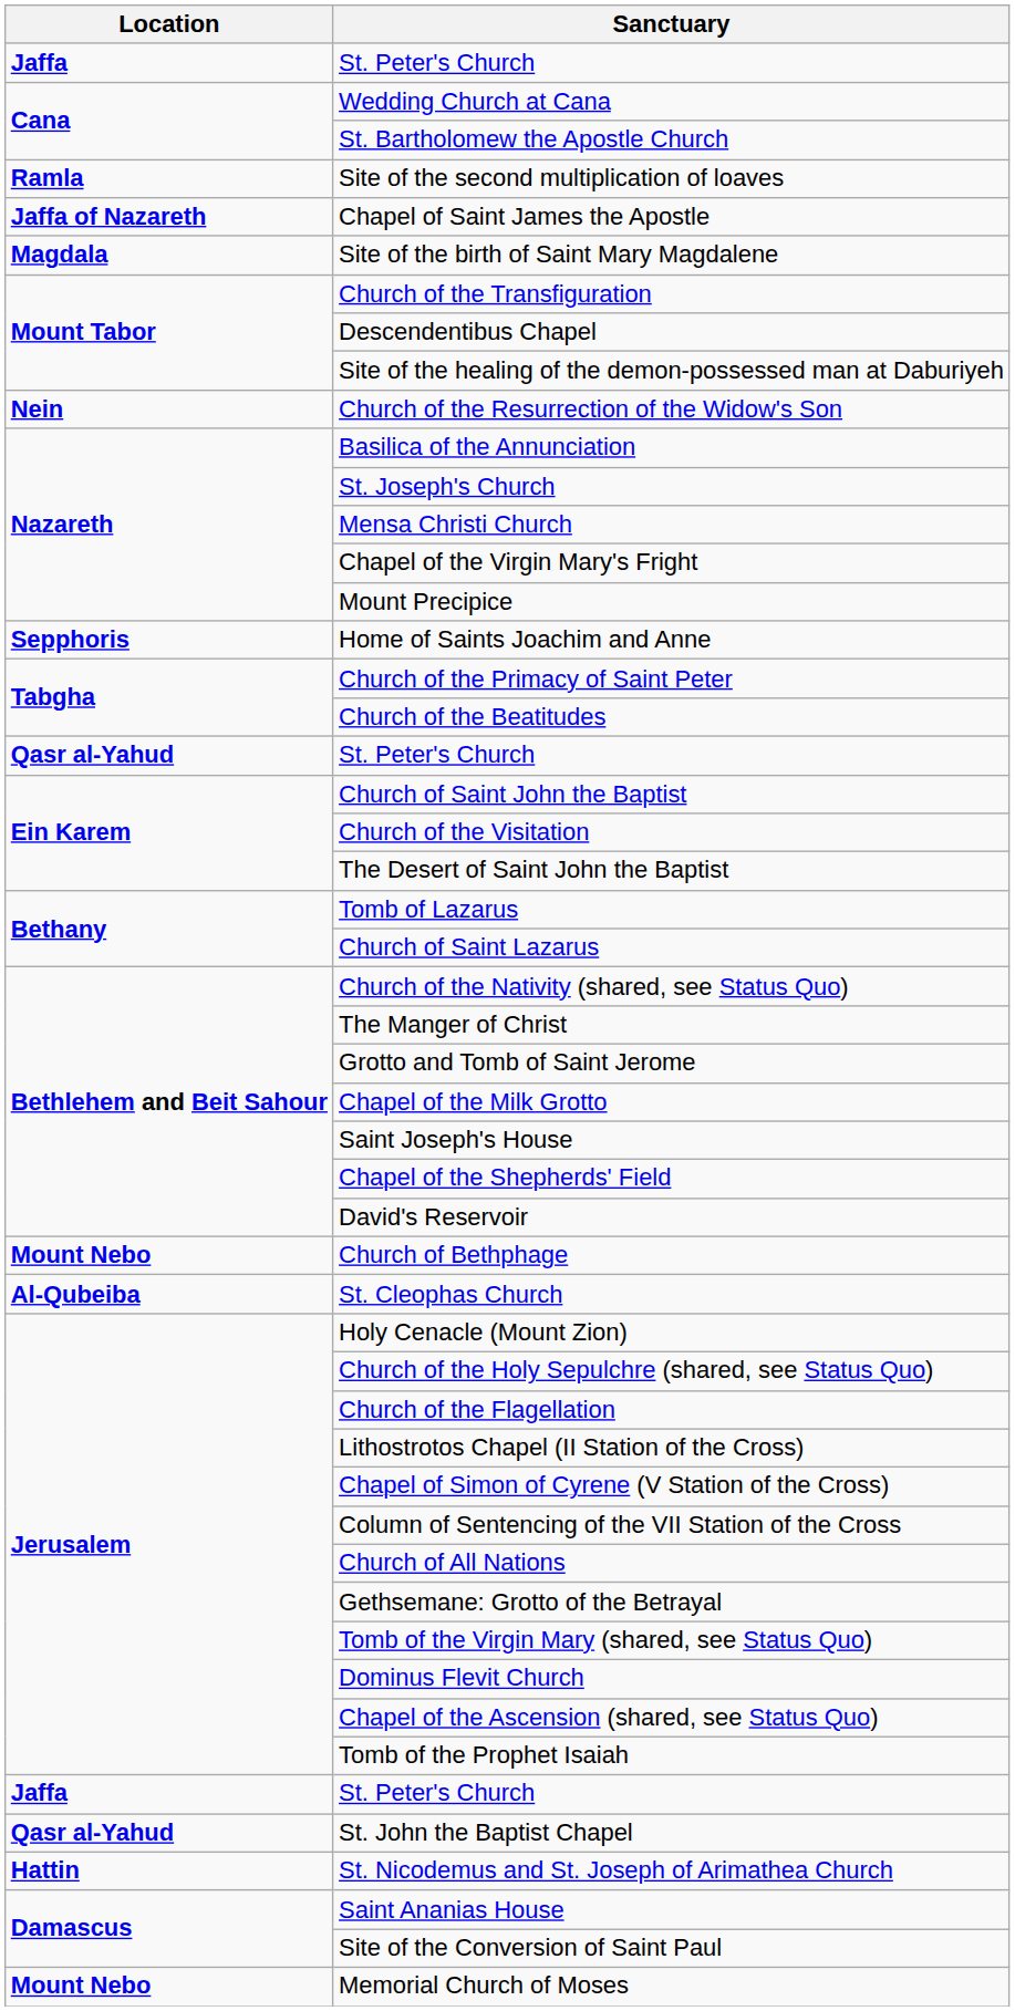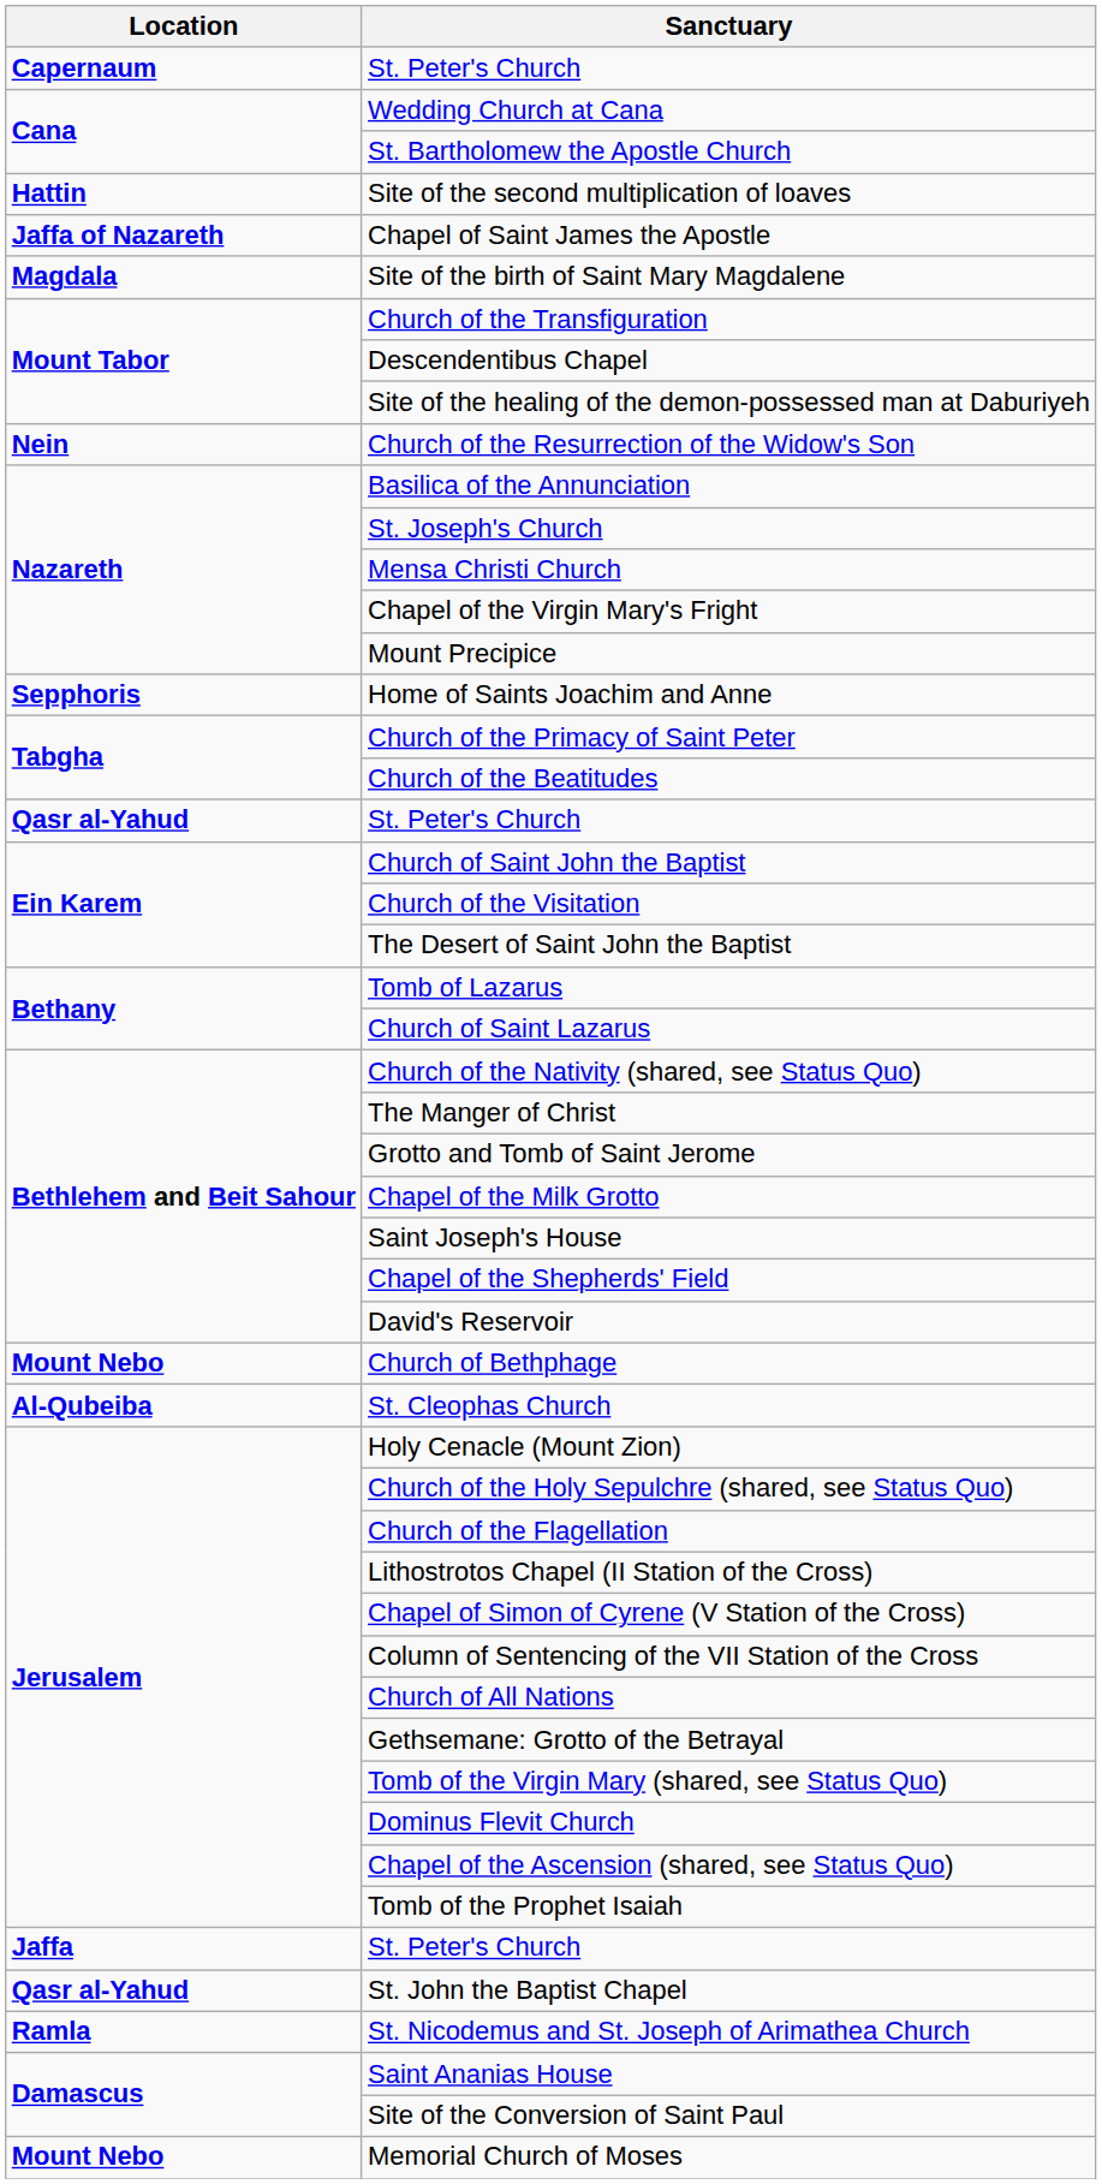 <table class="wikitable">
 <tr>
 <th>Location</th>
 <th>Sanctuary</th>
 </tr>
 <tr>
-<td><strong><a href='#'>Jaffa</a></strong></td>
+<td><strong><a href='#'>Capernaum</a></strong></td>
 <td><a href='#'>St. Peter's Church</a></td>
 </tr>
 <tr>
 <td rowspan="2"><a href='#'><strong>Cana</strong></a></td>
 <td><a href='#'>Wedding Church at Cana</a></td>
 </tr>
 <tr>
 <td><a href='#'>St. Bartholomew the Apostle Church</a></td>
 </tr>
 <tr>
-<td><strong><a href='#'>Ramla</a></strong></td>
+<td><a href='#'><strong>Hattin</strong></a></td>
 <td>Site of the second multiplication of loaves</td>
 </tr>
 <tr>
 <td><a href='#'><strong>Jaffa of Nazareth</strong></a></td>
 <td>Chapel of Saint James the Apostle</td>
 </tr>
 <tr>
 <td><strong><a href='#'>Magdala</a></strong></td>
 <td>Site of the birth of Saint Mary Magdalene</td>
 </tr>
 <tr>
 <td rowspan="3"><strong><a href='#'>Mount Tabor</a></strong></td>
 <td><a href='#'>Church of the Transfiguration</a></td>
 </tr>
 <tr>
 <td>Descendentibus Chapel</td>
 </tr>
 <tr>
 <td>Site of the healing of the demon-possessed man at Daburiyeh</td>
 </tr>
 <tr>
 <td><strong><a href='#'>Nein</a></strong></td>
 <td><a href='#'>Church of the Resurrection of the Widow's Son</a></td>
 </tr>
 <tr>
 <td rowspan="5"><strong><a href='#'>Nazareth</a></strong></td>
 <td><a href='#'>Basilica of the Annunciation</a></td>
 </tr>
 <tr>
 <td><a href='#'>St. Joseph's Church</a></td>
 </tr>
 <tr>
 <td><a href='#'>Mensa Christi Church</a></td>
 </tr>
 <tr>
 <td>Chapel of the Virgin Mary's Fright</td>
 </tr>
 <tr>
 <td>Mount Precipice</td>
 </tr>
 <tr>
 <td><strong><a href='#'>Sepphoris</a></strong></td>
 <td>Home of Saints Joachim and Anne</td>
 </tr>
 <tr>
 <td rowspan="2"><strong><a href='#'>Tabgha</a></strong></td>
 <td><a href='#'>Church of the Primacy of Saint Peter</a></td>
 </tr>
 <tr>
 <td><a href='#'>Church of the Beatitudes</a></td>
 </tr>
 <tr>
 <td><strong><a href='#'>Qasr al-Yahud</a></strong></td>
 <td><a href='#'>St. Peter's Church</a></td>
 </tr>
 <tr>
 <td rowspan="3"><strong><a href='#'>Ein Karem</a></strong></td>
 <td><a href='#'>Church of Saint John the Baptist</a></td>
 </tr>
 <tr>
 <td><a href='#'>Church of the Visitation</a></td>
 </tr>
 <tr>
 <td>The Desert of Saint John the Baptist</td>
 </tr>
 <tr>
 <td rowspan="2"><strong><a href='#'>Bethany</a></strong></td>
 <td><a href='#'>Tomb of Lazarus</a></td>
 </tr>
 <tr>
 <td><a href='#'>Church of Saint Lazarus</a></td>
 </tr>
 <tr>
 <td rowspan="7"><strong><a href='#'>Bethlehem</a> and <a href='#'>Beit Sahour</a></strong></td>
 <td><a href='#'>Church of the Nativity</a> (shared, see <a href='#'>Status Quo</a>)</td>
 </tr>
 <tr>
 <td>The Manger of Christ</td>
 </tr>
 <tr>
 <td>Grotto and Tomb of Saint Jerome</td>
 </tr>
 <tr>
 <td><a href='#'>Chapel of the Milk Grotto</a></td>
 </tr>
 <tr>
 <td>Saint Joseph's House</td>
 </tr>
 <tr>
 <td><a href='#'>Chapel of the Shepherds' Field</a></td>
 </tr>
 <tr>
 <td>David's Reservoir</td>
 </tr>
 <tr>
 <td><strong><a href='#'>Mount Nebo</a></strong></td>
 <td><a href='#'>Church of Bethphage</a></td>
 </tr>
 <tr>
 <td><strong><a href='#'>Al-Qubeiba</a></strong></td>
 <td><a href='#'>St. Cleophas Church</a></td>
 </tr>
 <tr>
 <td rowspan="12"><strong><a href='#'>Jerusalem</a></strong></td>
 <td>Holy Cenacle (Mount Zion)</td>
 </tr>
 <tr>
 <td><a href='#'>Church of the Holy Sepulchre</a> (shared, see <a href='#'>Status Quo</a>)</td>
 </tr>
 <tr>
 <td><a href='#'>Church of the Flagellation</a></td>
 </tr>
 <tr>
 <td>Lithostrotos Chapel (II Station of the Cross)</td>
 </tr>
 <tr>
 <td><a href='#'>Chapel of Simon of Cyrene</a> (V Station of the Cross)</td>
 </tr>
 <tr>
 <td>Column of Sentencing of the VII Station of the Cross</td>
 </tr>
 <tr>
 <td><a href='#'>Church of All Nations</a></td>
 </tr>
 <tr>
 <td>Gethsemane: Grotto of the Betrayal</td>
 </tr>
 <tr>
 <td><a href='#'>Tomb of the Virgin Mary</a> (shared, see <a href='#'>Status Quo</a>)</td>
 </tr>
 <tr>
 <td><a href='#'>Dominus Flevit Church</a></td>
 </tr>
 <tr>
 <td><a href='#'>Chapel of the Ascension</a> (shared, see <a href='#'>Status Quo</a>)</td>
 </tr>
 <tr>
 <td>Tomb of the Prophet Isaiah</td>
 </tr>
 <tr>
 <td><strong><a href='#'>Jaffa</a></strong></td>
 <td><a href='#'>St. Peter's Church</a></td>
 </tr>
 <tr>
 <td><strong><a href='#'>Qasr al-Yahud</a></strong></td>
 <td>St. John the Baptist Chapel</td>
 </tr>
 <tr>
-<td><a href='#'><strong>Hattin</strong></a></td>
+<td><strong><a href='#'>Ramla</a></strong></td>
 <td><a href='#'>St. Nicodemus and St. Joseph of Arimathea Church</a></td>
 </tr>
 <tr>
 <td rowspan="2"><strong><a href='#'>Damascus</a></strong></td>
 <td><a href='#'>Saint Ananias House</a></td>
 </tr>
 <tr>
 <td>Site of the Conversion of Saint Paul</td>
 </tr>
 <tr>
 <td><strong><a href='#'>Mount Nebo</a></strong></td>
 <td>Memorial Church of Moses</td>
 </tr>
 </table>
